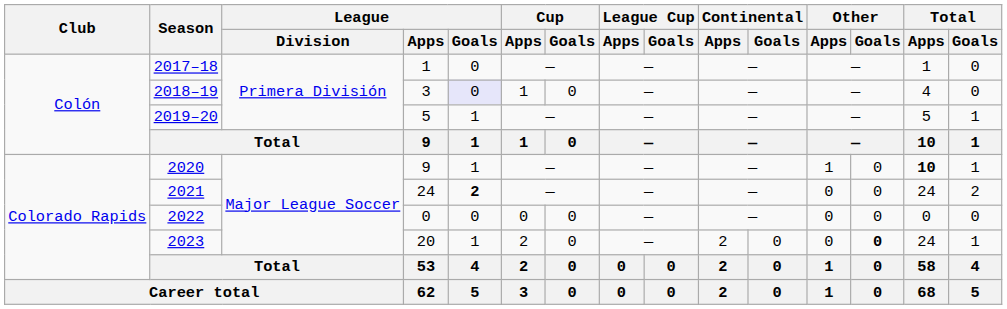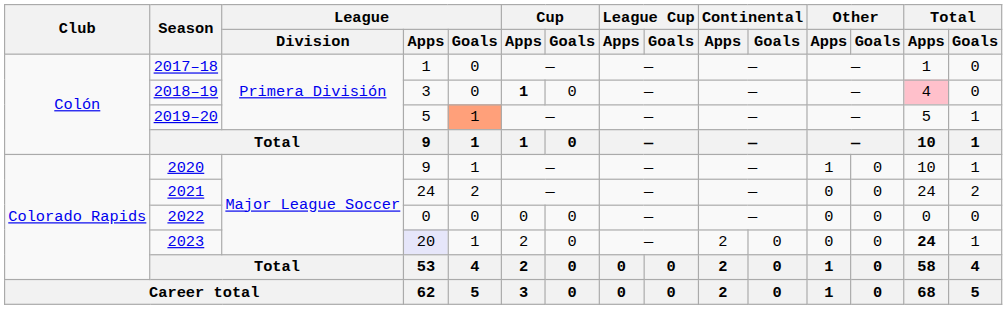 <table class="wikitable" style="text-align:center">
 <tr>
 <th rowspan="2">Club</th>
 <th rowspan="2">Season</th>
 <th colspan="3">League</th>
 <th colspan="2">Cup</th>
 <th colspan="2">League Cup</th>
 <th colspan="2">Continental</th>
 <th colspan="2">Other</th>
 <th colspan="2">Total</th>
 </tr>
 <tr>
 <th>Division</th>
 <th>Apps</th>
 <th>Goals</th>
 <th>Apps</th>
 <th>Goals</th>
 <th>Apps</th>
 <th>Goals</th>
 <th>Apps</th>
 <th>Goals</th>
 <th>Apps</th>
 <th>Goals</th>
 <th>Apps</th>
 <th>Goals</th>
 </tr>
 <tr>
 <td rowspan="4"><a href='#'>Colón</a></td>
 <td><a href='#'>2017–18</a></td>
 <td rowspan="3"><a href='#'>Primera División</a></td>
 <td>1</td>
 <td>0</td>
 <td colspan="2">—</td>
 <td colspan="2">—</td>
 <td colspan="2">—</td>
 <td colspan="2">—</td>
 <td>1</td>
 <td>0</td>
 </tr>
 <tr>
 <td><a href='#'>2018–19</a></td>
 <td>3</td>
-<td style="background: lavender;">0</td>
-<td>1</td>
+<td>0</td>
+<td><strong>1</strong></td>
 <td>0</td>
 <td colspan="2">—</td>
 <td colspan="2">—</td>
 <td colspan="2">—</td>
-<td>4</td>
+<td style="background: pink;">4</td>
 <td>0</td>
 </tr>
 <tr>
 <td><a href='#'>2019–20</a></td>
 <td>5</td>
-<td>1</td>
+<td style="background: lightsalmon;">1</td>
 <td colspan="2">—</td>
 <td colspan="2">—</td>
 <td colspan="2">—</td>
 <td colspan="2">—</td>
 <td>5</td>
 <td>1</td>
 </tr>
 <tr>
 <th colspan="2">Total</th>
 <th>9</th>
 <th>1</th>
 <th>1</th>
 <th>0</th>
 <th colspan="2">—</th>
 <th colspan="2">—</th>
 <th colspan="2">—</th>
 <th>10</th>
 <th>1</th>
 </tr>
 <tr>
 <td rowspan="5"><a href='#'>Colorado Rapids</a></td>
 <td><a href='#'>2020</a></td>
 <td rowspan="4"><a href='#'>Major League Soccer</a></td>
 <td>9</td>
 <td>1</td>
 <td colspan="2">—</td>
 <td colspan="2">—</td>
 <td colspan="2">—</td>
 <td>1</td>
 <td>0</td>
-<td><strong>10</strong></td>
+<td>10</td>
 <td>1</td>
 </tr>
 <tr>
 <td><a href='#'>2021</a></td>
 <td>24</td>
-<td><strong>2</strong></td>
+<td>2</td>
 <td colspan="2">—</td>
 <td colspan="2">—</td>
 <td colspan="2">—</td>
 <td>0</td>
 <td>0</td>
 <td>24</td>
 <td>2</td>
 </tr>
 <tr>
 <td><a href='#'>2022</a></td>
 <td>0</td>
 <td>0</td>
 <td>0</td>
 <td>0</td>
 <td colspan="2">—</td>
 <td colspan="2">—</td>
 <td>0</td>
 <td>0</td>
 <td>0</td>
 <td>0</td>
 </tr>
 <tr>
 <td><a href='#'>2023</a></td>
-<td>20</td>
+<td style="background: lavender;">20</td>
 <td>1</td>
 <td>2</td>
 <td>0</td>
 <td colspan="2">—</td>
 <td>2</td>
 <td>0</td>
 <td>0</td>
-<td><strong>0</strong></td>
-<td>24</td>
+<td>0</td>
+<td><strong>24</strong></td>
 <td>1</td>
 </tr>
 <tr>
 <th colspan="2">Total</th>
 <th>53</th>
 <th>4</th>
 <th>2</th>
 <th>0</th>
 <th>0</th>
 <th>0</th>
 <th>2</th>
 <th>0</th>
 <th>1</th>
 <th>0</th>
 <th>58</th>
 <th>4</th>
 </tr>
 <tr>
 <th colspan="3">Career total</th>
 <th>62</th>
 <th>5</th>
 <th>3</th>
 <th>0</th>
 <th>0</th>
 <th>0</th>
 <th>2</th>
 <th>0</th>
 <th>1</th>
 <th>0</th>
 <th>68</th>
 <th>5</th>
 </tr>
 </table>
